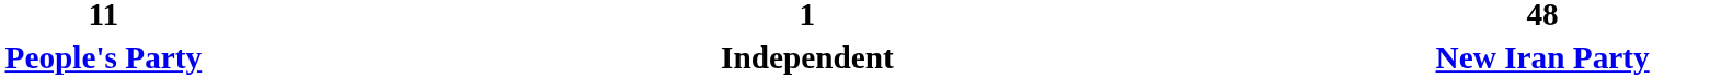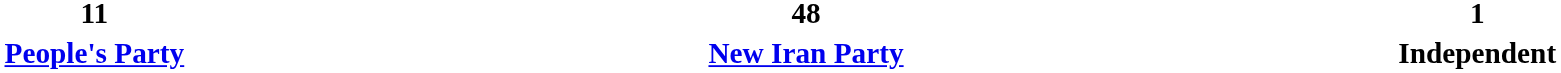 <table style="width:70%; text-align:center;">
 <tr>
 <td style="background:"><strong>11</strong></td>
+<td style="background:"><strong>48</strong></td>
 <td style="background:"><strong>1</strong></td>
-<td style="background:"><strong>48</strong></td>
 </tr>
 <tr>
 <td><strong><a href='#'>People's Party</a></strong></td>
+<td><strong><a href='#'>New Iran Party</a></strong></td>
 <td><strong>Independent</strong></td>
-<td><strong><a href='#'>New Iran Party</a></strong></td>
 </tr>
 </table>
